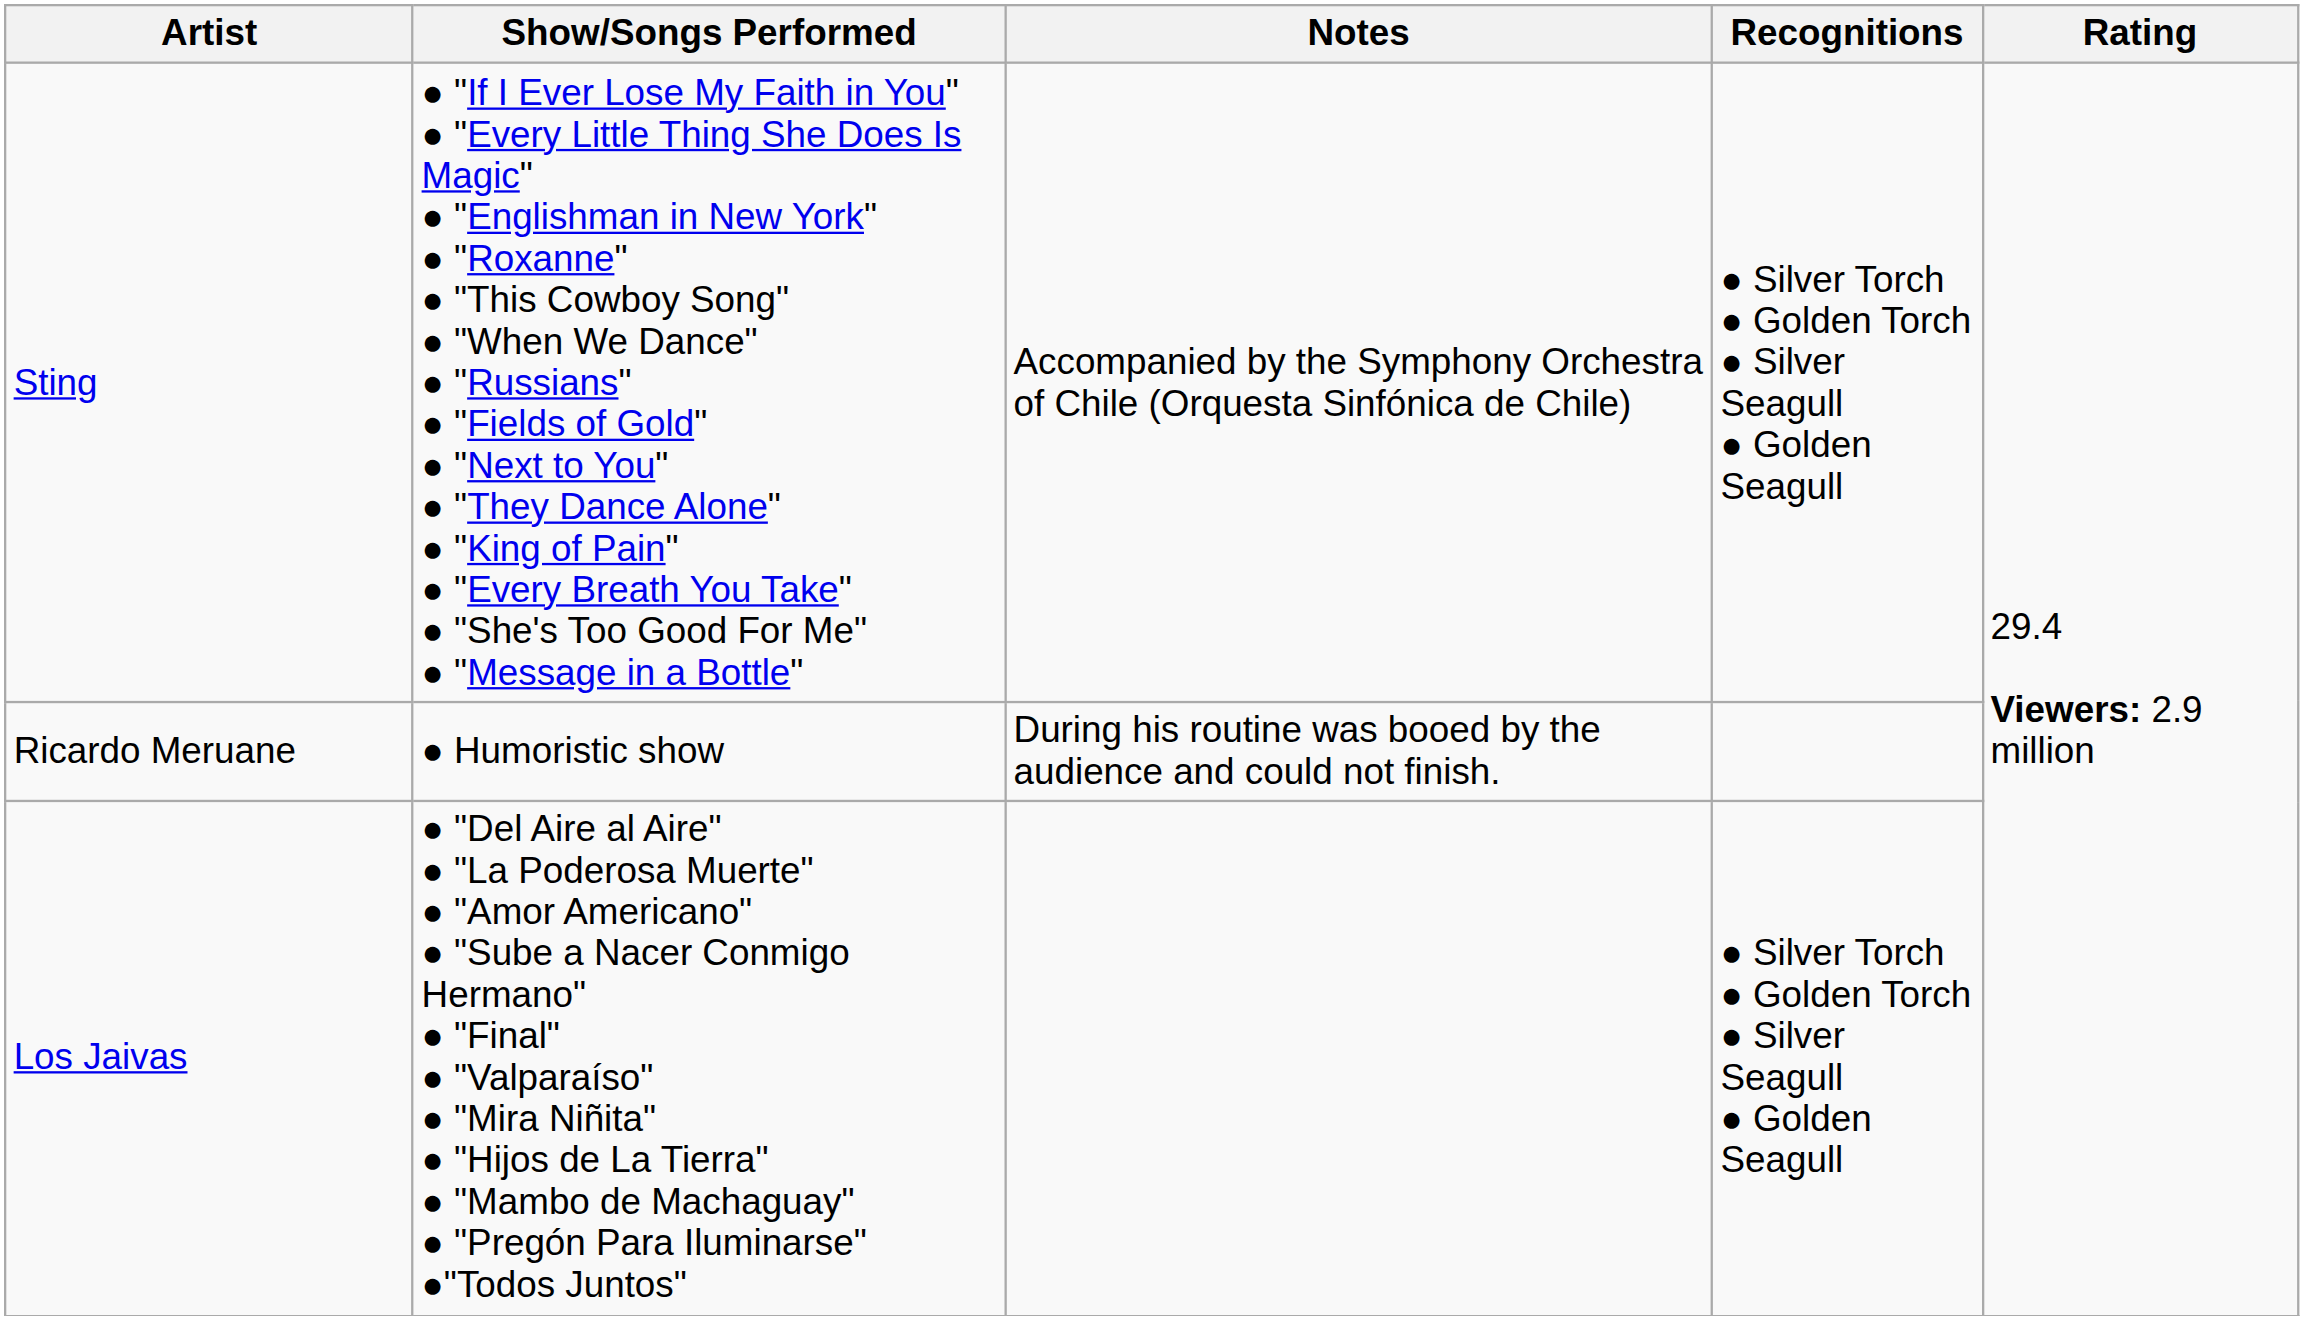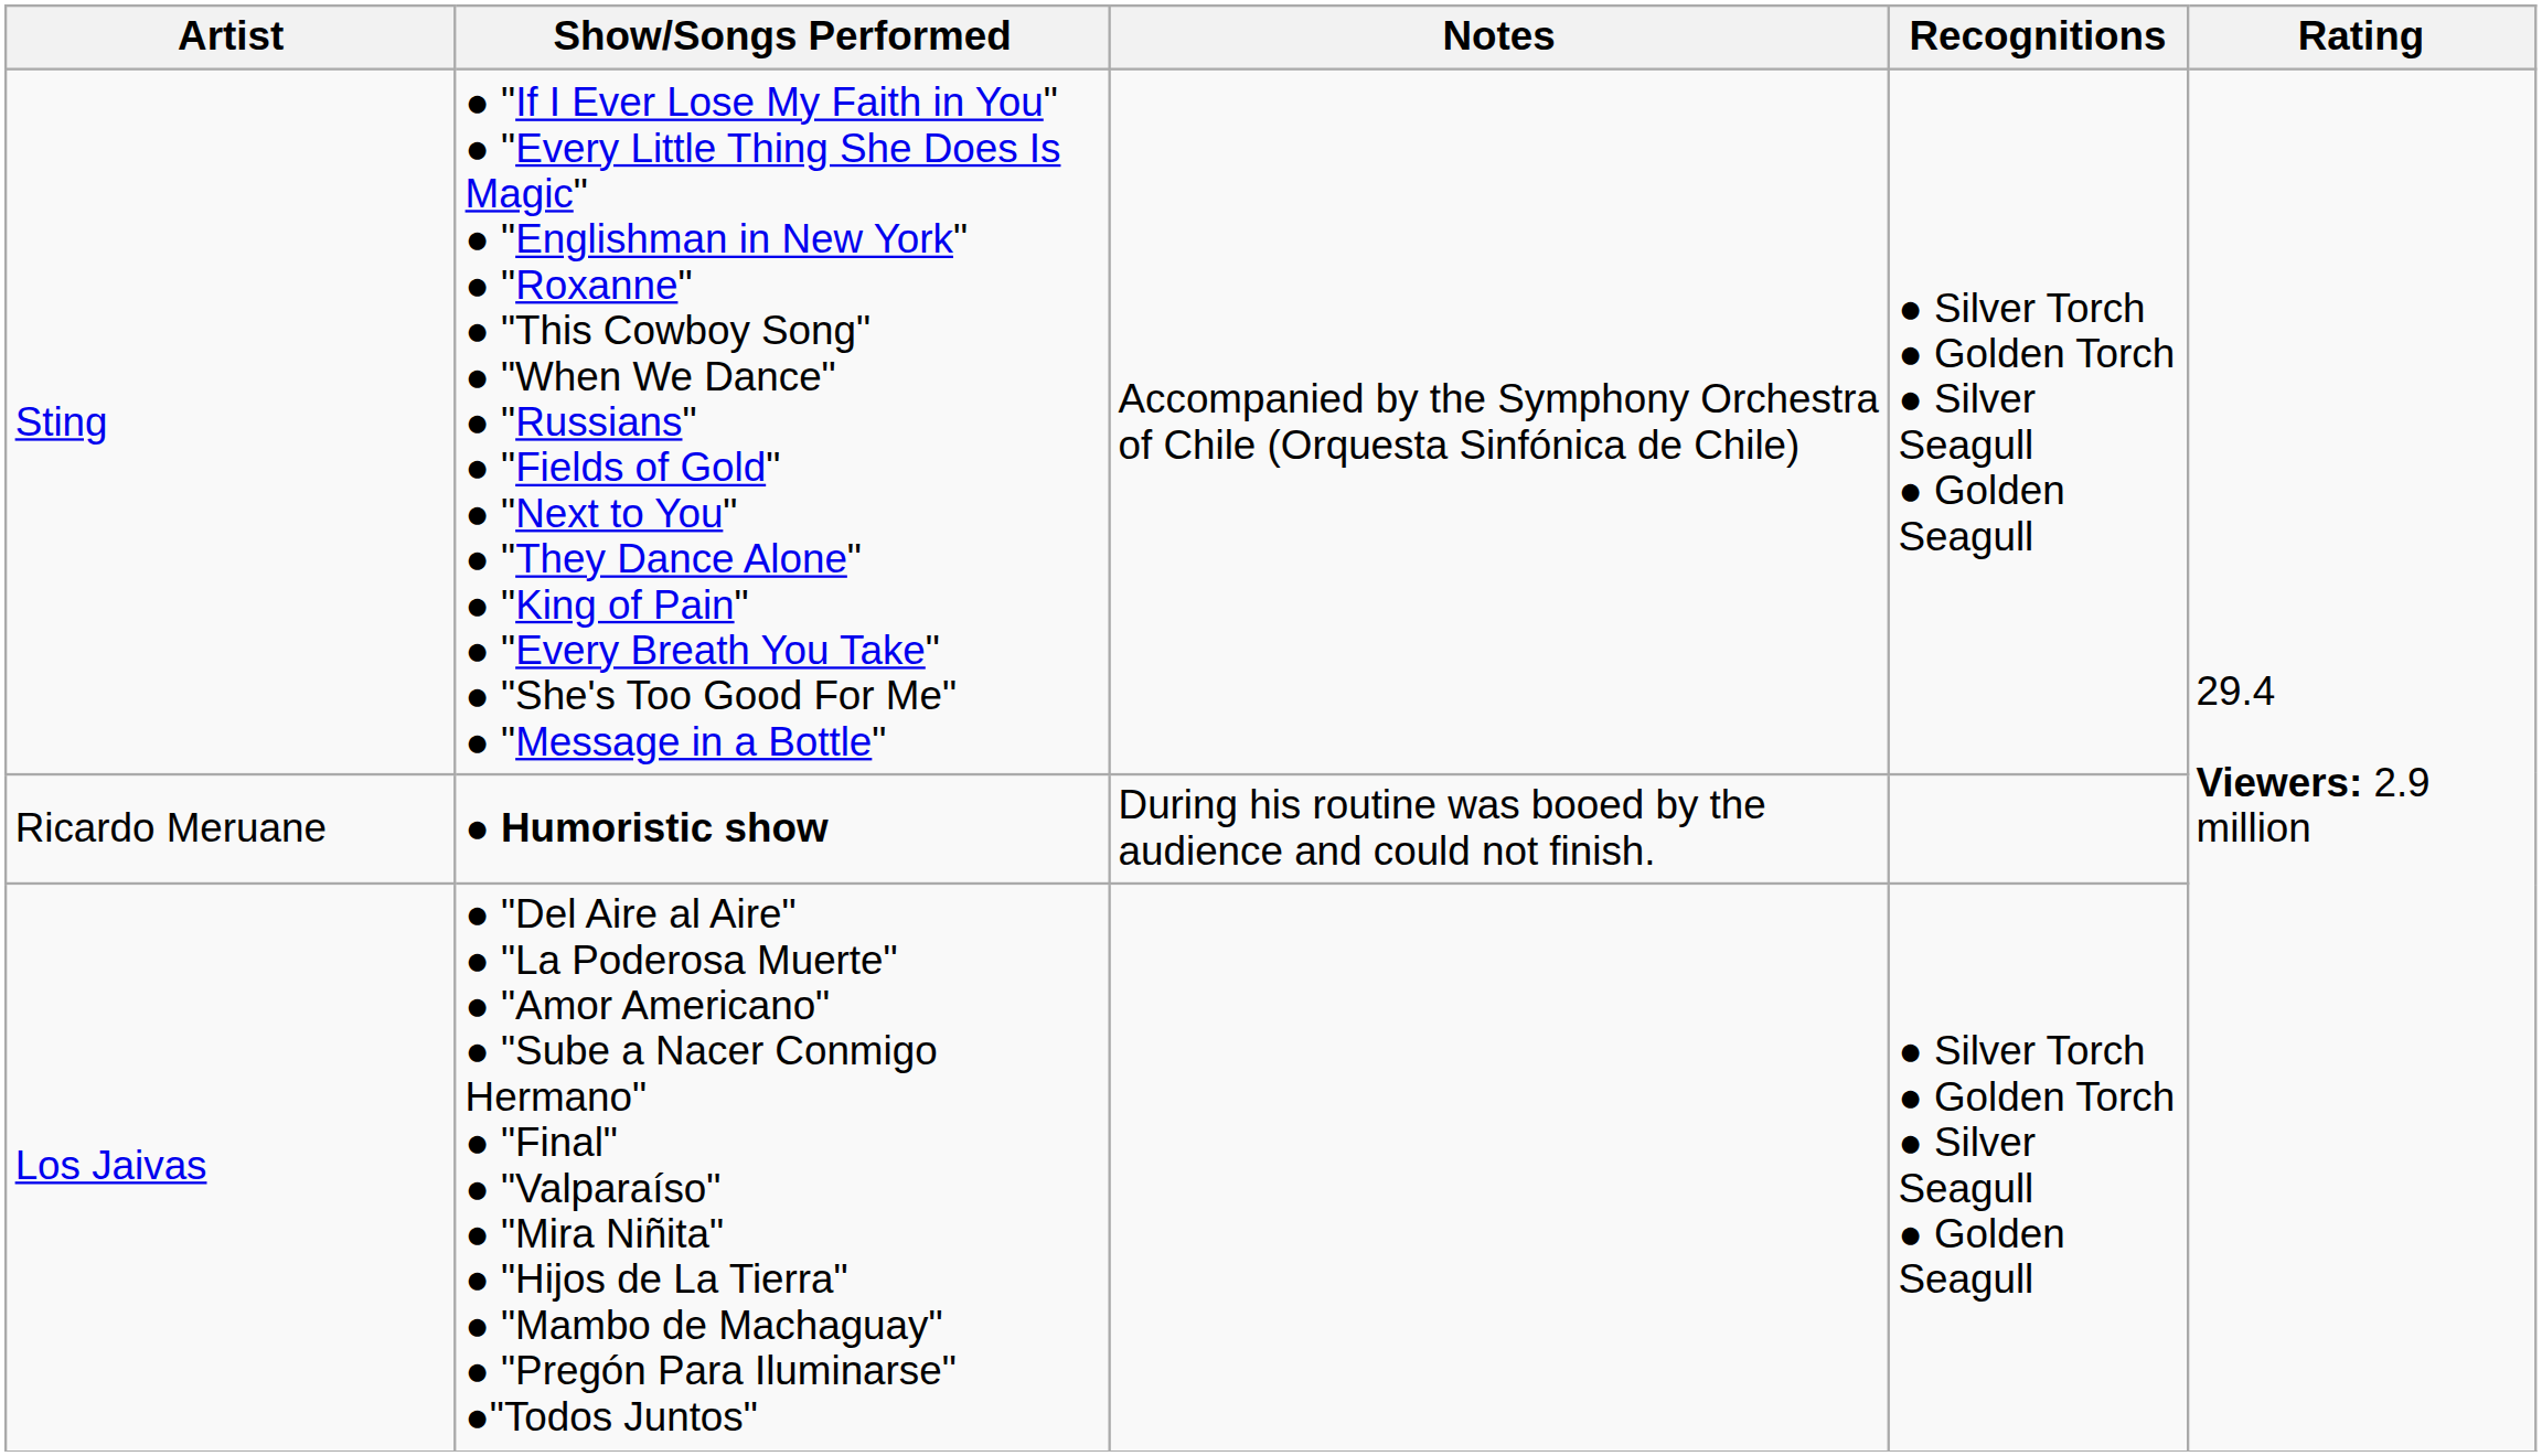 <table class="wikitable">
 <tr>
 <th width="170">Artist</th>
 <th width="250">Show/Songs Performed</th>
 <th width="300">Notes</th>
 <th width="110">Recognitions</th>
 <th width="130">Rating</th>
 </tr>
 <tr>
 <td><a href='#'>Sting</a></td>
 <td>● "<a href='#'>If I Ever Lose My Faith in You</a>" <br> ● "<a href='#'>Every Little Thing She Does Is Magic</a>" <br> ● "<a href='#'>Englishman in New York</a>" <br> ● "<a href='#'>Roxanne</a>" <br> ● "This Cowboy Song" <br> ● "When We Dance" <br> ● "<a href='#'>Russians</a>" <br> ● "<a href='#'>Fields of Gold</a>" <br> ● "<a href='#'>Next to You</a>" <br> ● "<a href='#'>They Dance Alone</a>" <br> ● "<a href='#'>King of Pain</a>" <br> ● "<a href='#'>Every Breath You Take</a>" <br> ● "She's Too Good For Me" <br> ● "<a href='#'>Message in a Bottle</a>" <br></td>
 <td>Accompanied by the Symphony Orchestra of Chile (Orquesta Sinfónica de Chile)</td>
 <td>● Silver Torch<br> ● Golden Torch<br> ● Silver Seagull<br> ● Golden Seagull</td>
 <td rowspan="3">29.4<br><br> <strong>Viewers:</strong> 2.9 million<br></td>
 </tr>
 <tr>
 <td>Ricardo Meruane</td>
-<td>● Humoristic show</td>
+<td><strong>● Humoristic show</strong></td>
 <td>During his routine was booed by the audience and could not finish.</td>
 <td></td>
 </tr>
 <tr>
 <td><a href='#'>Los Jaivas</a></td>
 <td>● "Del Aire al Aire"<br> ● "La Poderosa Muerte"<br> ● "Amor Americano"<br> ● "Sube a Nacer Conmigo Hermano"<br> ● "Final"<br> ● "Valparaíso"<br> ● "Mira Niñita"<br> ● "Hijos de La Tierra"<br> ● "Mambo de Machaguay"<br> ● "Pregón Para Iluminarse"<br> ●"Todos Juntos"</td>
 <td></td>
 <td>● Silver Torch<br> ● Golden Torch<br> ● Silver Seagull<br> ● Golden Seagull</td>
 </tr>
 <tr>
 </tr>
 </table>
